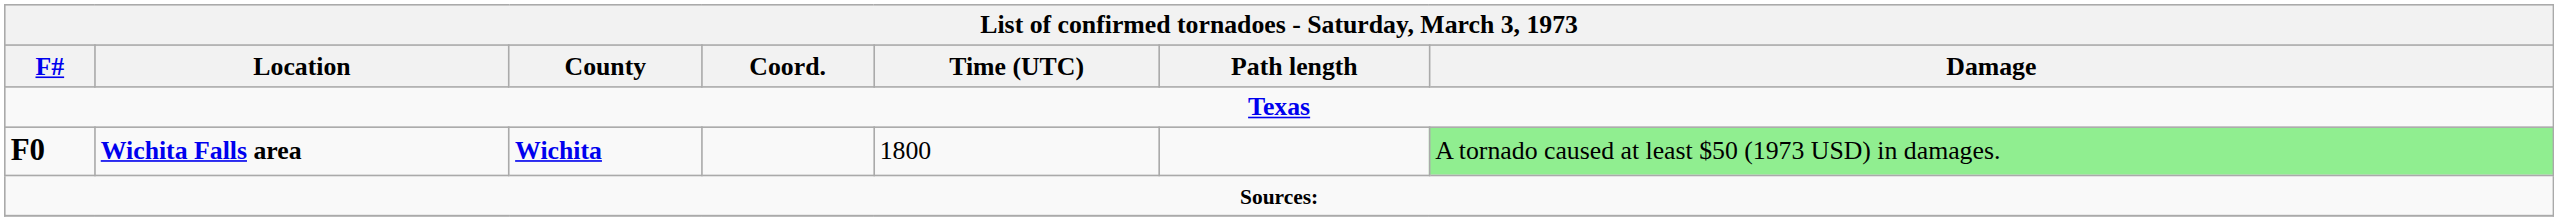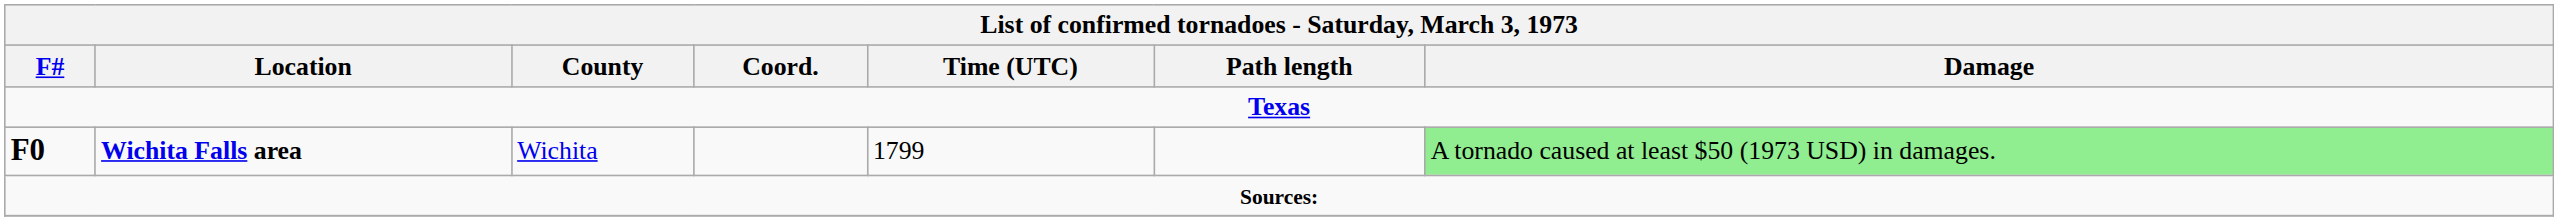 <table class="wikitable collapsible" width="100%">
 <tr>
 <th colspan="7">List of confirmed tornadoes - Saturday, March 3, 1973</th>
 </tr>
 <tr>
 <th><a href='#'>F#</a></th>
 <th>Location</th>
 <th>County</th>
 <th>Coord.</th>
 <th>Time (UTC)</th>
 <th>Path length</th>
 <th>Damage</th>
 </tr>
 <tr>
 <td colspan="7" align=center><strong><a href='#'>Texas</a></strong></td>
 </tr>
 <tr>
 <td><big><strong>F0</strong></big></td>
 <td><strong><a href='#'>Wichita Falls</a> area</strong></td>
-<td><strong><a href='#'>Wichita</a></strong></td>
+<td><a href='#'>Wichita</a></td>
 <td></td>
-<td>1800</td>
+<td>1799</td>
 <td></td>
 <td style="background: lightgreen;">A tornado caused at least $50 (1973 USD) in damages.</td>
 </tr>
 <tr>
 <td colspan="7" align=center><small><strong>Sources:</strong> </small></td>
 </tr>
 <tr>
 </tr>
 </table>
